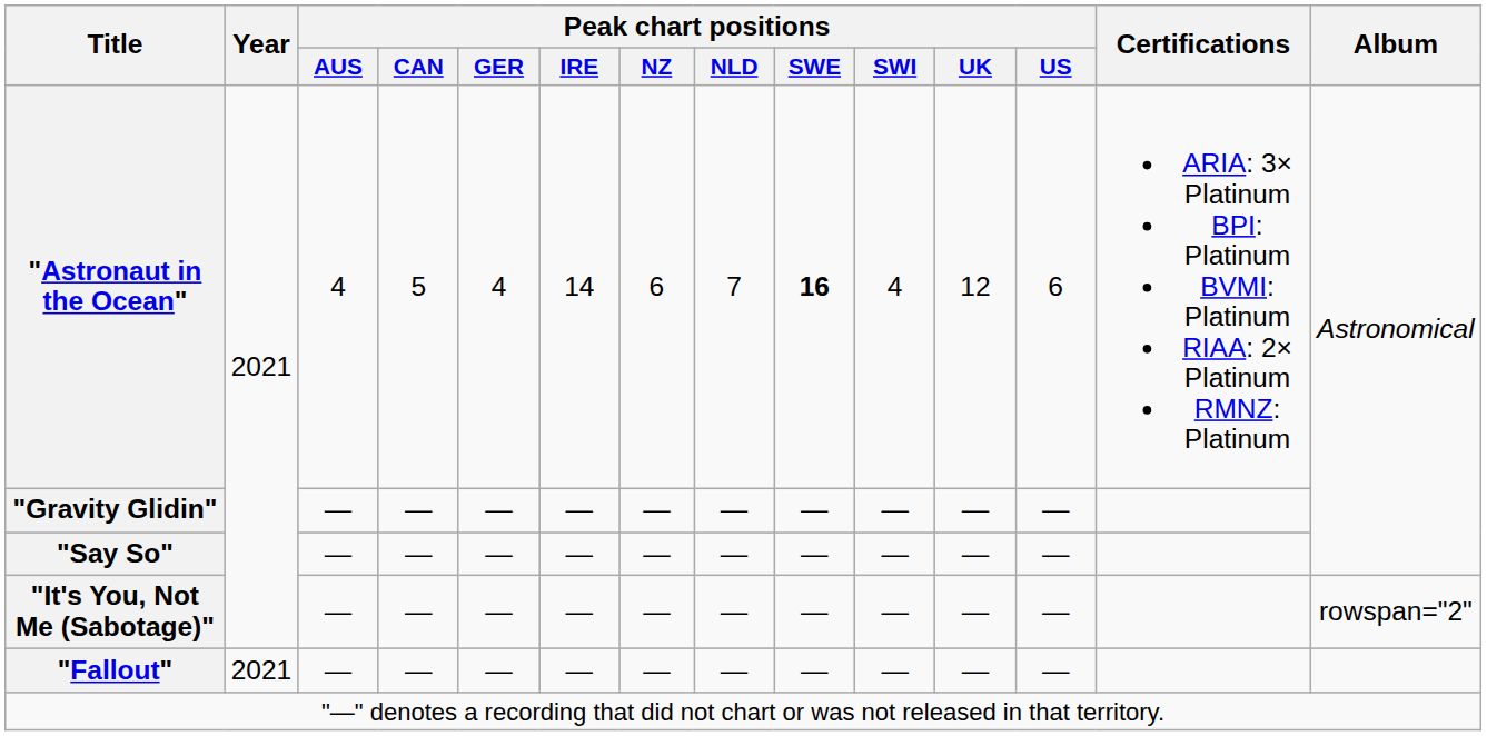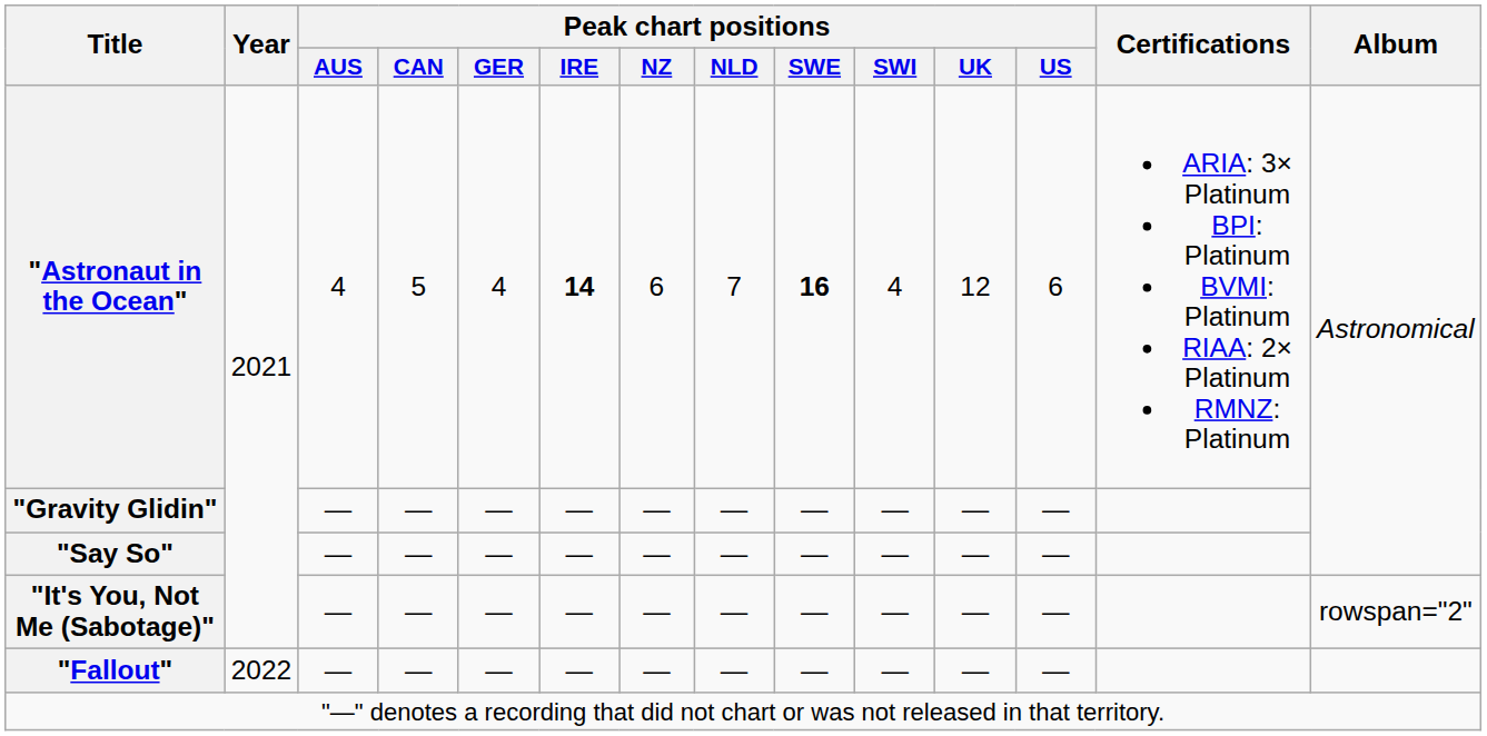 <table class="wikitable plainrowheaders" style="text-align:center;">
 <tr>
 <th scope="col" rowspan="2">Title</th>
 <th scope="col" rowspan="2">Year</th>
 <th scope="col" colspan="10">Peak chart positions</th>
 <th scope="col" rowspan="2">Certifications</th>
 <th scope="col" rowspan="2">Album</th>
 </tr>
 <tr>
 <th scope="col" style="width:3em;font-size:85%;"><a href='#'>AUS</a><br></th>
 <th scope="col" style="width:3em;font-size:85%;"><a href='#'>CAN</a><br></th>
 <th scope="col" style="width:3em;font-size:85%;"><a href='#'>GER</a><br></th>
 <th scope="col" style="width:3em;font-size:85%;"><a href='#'>IRE</a><br></th>
 <th scope="col" style="width:2.75em;font-size:85%;"><a href='#'>NZ</a><br></th>
 <th scope="col" style="width:3em;font-size:85%;"><a href='#'>NLD</a><br></th>
 <th scope="col" style="width:3em;font-size:85%;"><a href='#'>SWE</a><br></th>
 <th scope="col" style="width:3em;font-size:85%;"><a href='#'>SWI</a><br></th>
 <th scope="col" style="width:3em;font-size:85%;"><a href='#'>UK</a><br></th>
 <th scope="col" style="width:3em;font-size:85%;"><a href='#'>US</a><br></th>
 </tr>
 <tr>
 <th scope="row">"<a href='#'>Astronaut in the Ocean</a>"<br></th>
 <td rowspan="4">2021</td>
 <td>4</td>
 <td>5</td>
 <td>4</td>
-<td>14<br></td>
+<td><strong>14<br></strong></td>
 <td>6</td>
 <td>7</td>
 <td><strong>16</strong></td>
 <td>4</td>
 <td>12</td>
 <td>6</td>
 <td><br><ul><li><a href='#'>ARIA</a>: 3× Platinum</li><li><a href='#'>BPI</a>: Platinum</li><li><a href='#'>BVMI</a>: Platinum</li><li><a href='#'>RIAA</a>: 2× Platinum</li><li><a href='#'>RMNZ</a>: Platinum</li></ul></td>
 <td rowspan="3"><em>Astronomical</em></td>
 </tr>
 <tr>
 <th scope="row">"Gravity Glidin"</th>
 <td>—</td>
 <td>—</td>
 <td>—</td>
 <td>—</td>
 <td>—</td>
 <td>—</td>
 <td>—</td>
 <td>—</td>
 <td>—</td>
 <td>—</td>
 <td></td>
 </tr>
 <tr>
 <th scope="row">"Say So"</th>
 <td>—</td>
 <td>—</td>
 <td>—</td>
 <td>—</td>
 <td>—</td>
 <td>—</td>
 <td>—</td>
 <td>—</td>
 <td>—</td>
 <td>—</td>
 <td></td>
 </tr>
 <tr>
 <th scope="row">"It's You, Not Me (Sabotage)"<br></th>
 <td>—</td>
 <td>—</td>
 <td>—</td>
 <td>—</td>
 <td>—</td>
 <td>—</td>
 <td>—</td>
 <td>—</td>
 <td>—</td>
 <td>—</td>
 <td></td>
 <td>rowspan="2" </td>
 </tr>
 <tr>
 <th scope="row">"<a href='#'>Fallout</a>"<br></th>
-<td rowspan="1">2021</td>
+<td rowspan="1">2022</td>
 <td>—</td>
 <td>—</td>
 <td>—</td>
 <td>—</td>
 <td>—</td>
 <td>—</td>
 <td>—</td>
 <td>—</td>
 <td>—</td>
 <td>—</td>
 <td></td>
 </tr>
 <tr>
 <td colspan="14" style="font-size:90%">"—" denotes a recording that did not chart or was not released in that territory.</td>
 </tr>
 </table>
